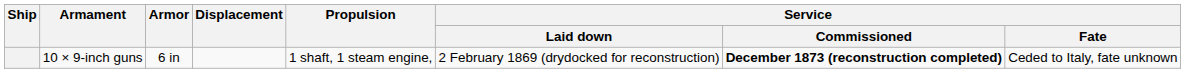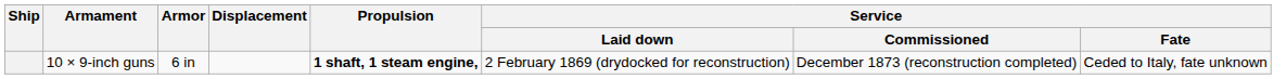 <table class="wikitable plainrowheaders" style="text-align: center;">
 <tr valign="top">
 <th scope="col" rowspan="2">Ship</th>
 <th scope="col" rowspan="2">Armament</th>
 <th scope="col" rowspan="2">Armor</th>
 <th scope="col" rowspan="2">Displacement</th>
 <th scope="col" rowspan="2">Propulsion</th>
 <th scope="col" colspan="3">Service</th>
 </tr>
 <tr valign="top">
 <th scope="col">Laid down</th>
 <th scope="col">Commissioned</th>
 <th scope="col">Fate</th>
 </tr>
 <tr valign="center">
 <th scope="row"></th>
 <td>10 × 9-inch guns</td>
 <td>6 in</td>
 <td></td>
-<td>1 shaft, 1 steam engine, </td>
+<td><strong>1 shaft, 1 steam engine, </strong></td>
 <td>2 February 1869 (drydocked for reconstruction)</td>
-<td><strong>December 1873 (reconstruction completed)</strong></td>
+<td>December 1873 (reconstruction completed)</td>
 <td>Ceded to Italy, fate unknown</td>
 </tr>
 </table>
